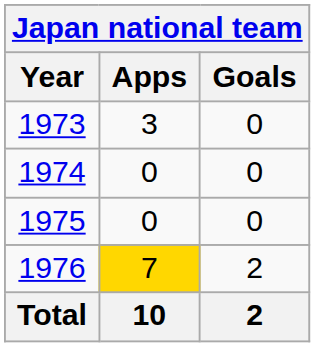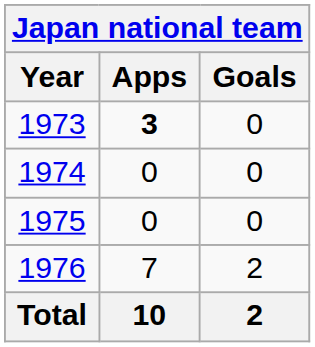 <table class="wikitable" style="text-align:center">
 <tr>
 <th colspan=3><a href='#'>Japan national team</a></th>
 </tr>
 <tr>
 <th>Year</th>
 <th>Apps</th>
 <th>Goals</th>
 </tr>
 <tr>
 <td><a href='#'>1973</a></td>
-<td>3</td>
+<td><strong>3</strong></td>
 <td>0</td>
 </tr>
 <tr>
 <td><a href='#'>1974</a></td>
 <td>0</td>
 <td>0</td>
 </tr>
 <tr>
 <td><a href='#'>1975</a></td>
 <td>0</td>
 <td>0</td>
 </tr>
 <tr>
 <td><a href='#'>1976</a></td>
-<td style="background: gold;">7</td>
+<td>7</td>
 <td>2</td>
 </tr>
 <tr>
 <th>Total</th>
 <th>10</th>
 <th>2</th>
 </tr>
 </table>
